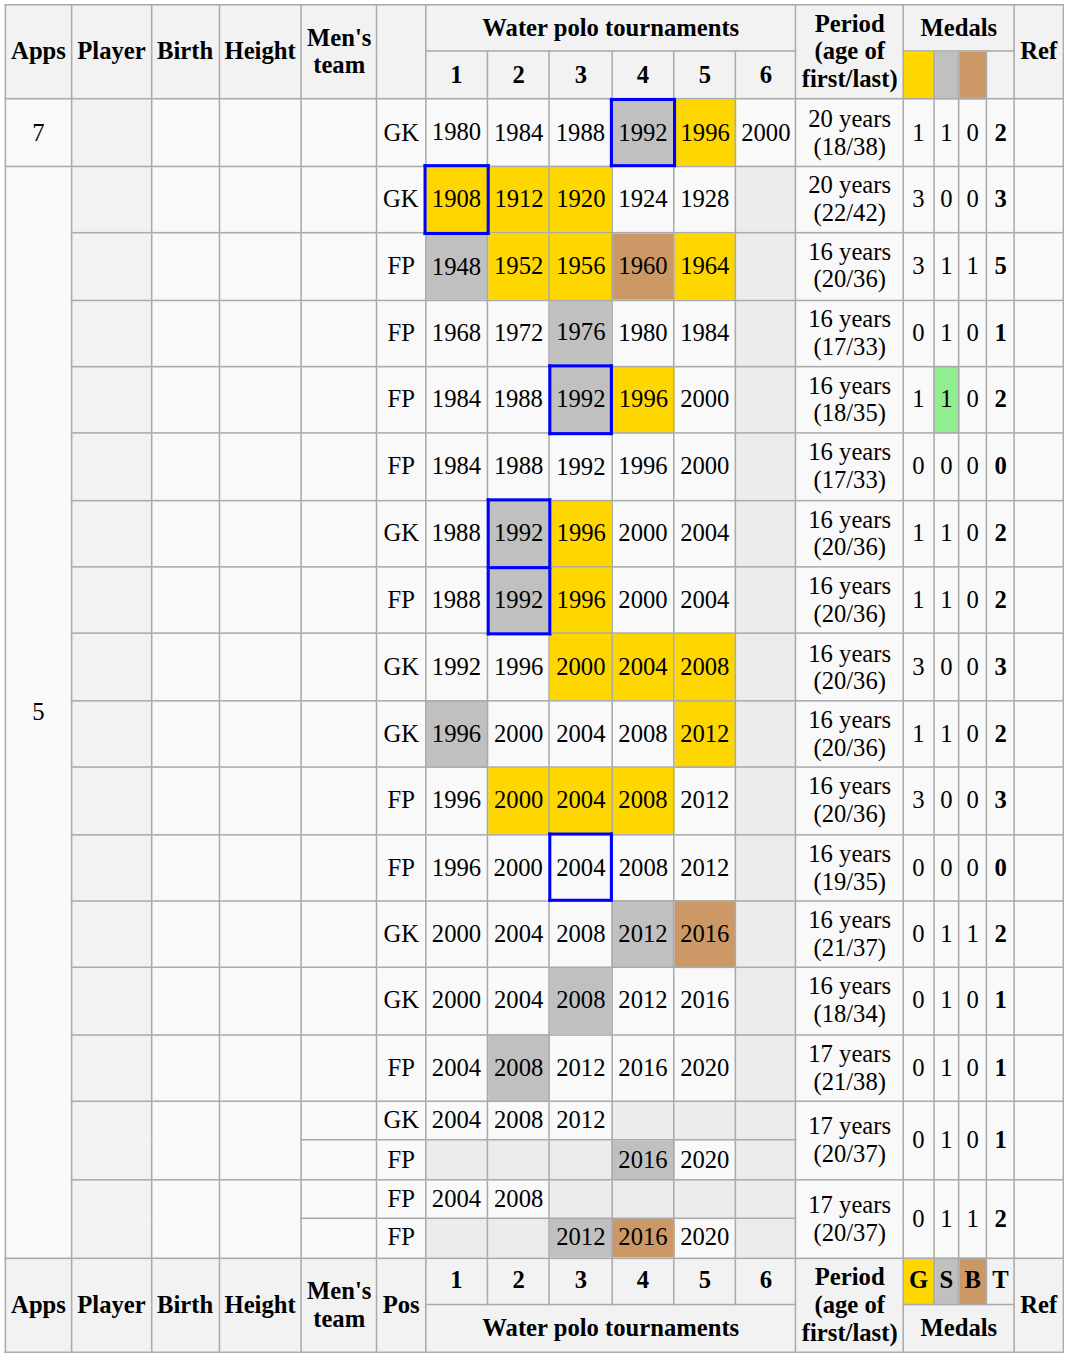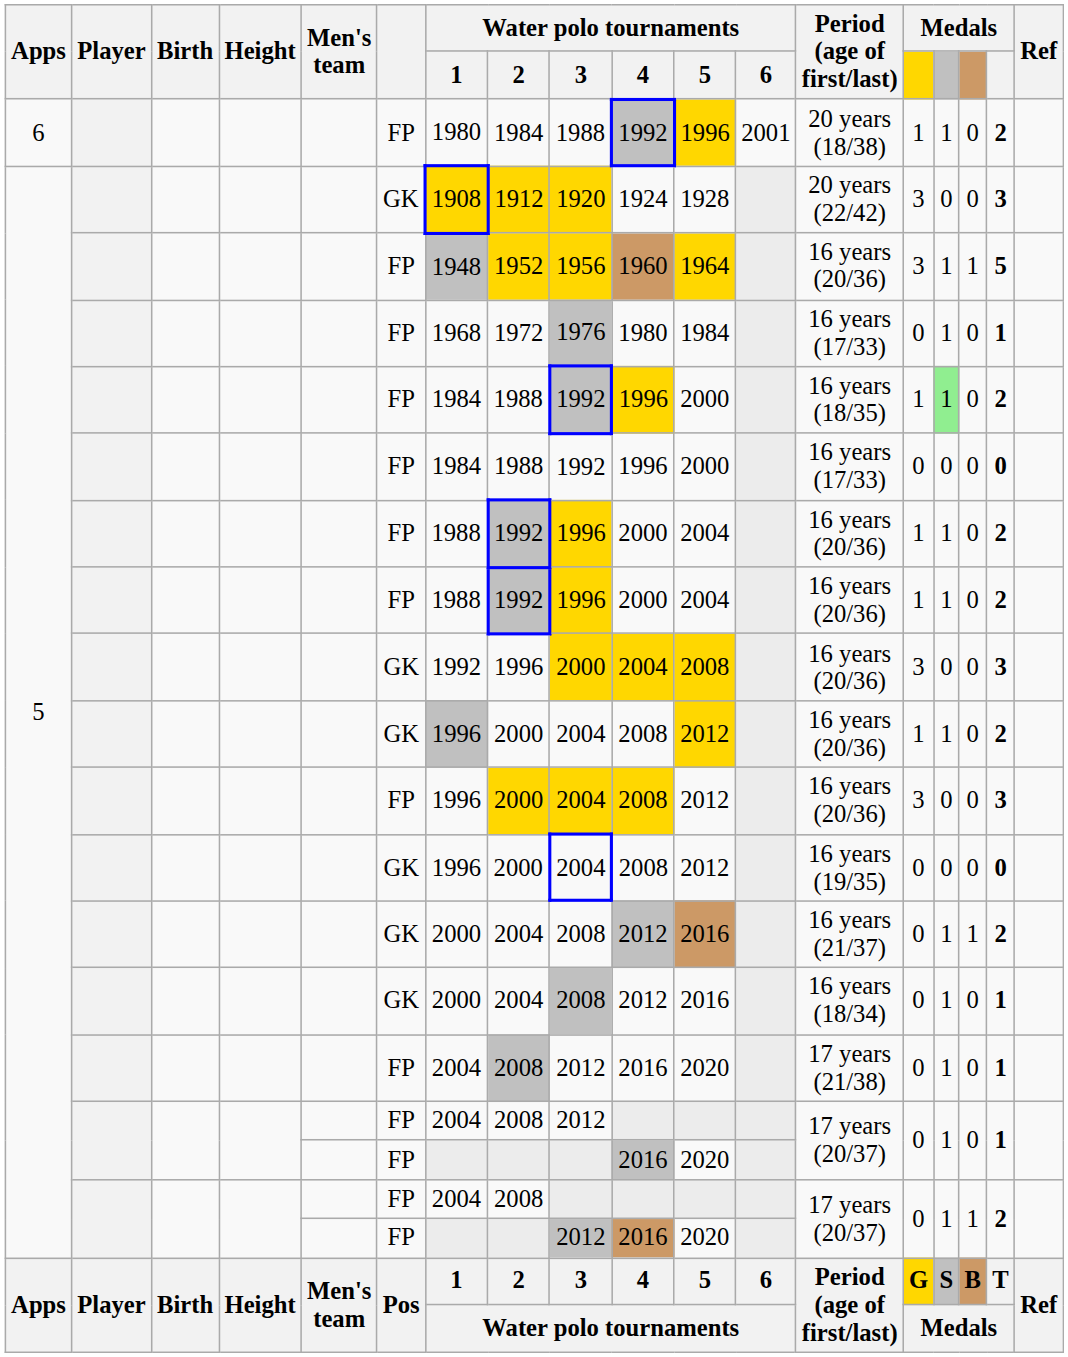 <table class="wikitable sortable plainrowheaders sticky-table-head" style="text-align: center; font-size: 100%; margin-left: 1em; width: 100%;">
 <tr>
 <th scope="col" rowspan="2">Apps</th>
 <th scope="col" rowspan="2">Player</th>
 <th scope="col" rowspan="2">Birth</th>
 <th scope="col" rowspan="2">Height</th>
 <th scope="col" rowspan="2">Men's team</th>
 <th scope="col" rowspan="2"></th>
 <th scope="colgroup" colspan="6">Water polo tournaments</th>
 <th scope="col" rowspan="2">Period<br>(age of<br>first/last)</th>
 <th scope="colgroup" colspan="4">Medals</th>
 <th scope="col" rowspan="2" class="unsortable">Ref</th>
 </tr>
 <tr>
 <th scope="col">1</th>
 <th scope="col" class="unsortable">2</th>
 <th scope="col" class="unsortable">3</th>
 <th scope="col" class="unsortable">4</th>
 <th scope="col" class="unsortable">5</th>
 <th scope="col" class="unsortable">6</th>
 <th scope="col" style="background-color: gold;"></th>
 <th scope="col" style="background-color: silver;"></th>
 <th scope="col" style="background-color: #cc9966;"></th>
 <th></th>
 </tr>
 <tr>
-<td>7</td>
+<td>6</td>
 <th scope="row"></th>
 <td></td>
 <td></td>
 <td style="text-align: left;"></td>
-<td>GK</td>
+<td>FP</td>
 <td>1980</td>
 <td>1984</td>
 <td>1988</td>
 <td style="border: 2px solid blue; background-color: silver;">1992</td>
 <td style="background-color: gold;">1996</td>
-<td>2000</td>
+<td>2001</td>
 <td>20 years<br>(18/38)</td>
 <td>1</td>
 <td>1</td>
 <td>0</td>
 <td><strong>2</strong></td>
 <td></td>
 </tr>
 <tr>
 <td rowspan="18">5</td>
 <th scope="row"></th>
 <td></td>
 <td></td>
 <td style="text-align: left;"></td>
 <td>GK</td>
 <td style="border: 2px solid blue; background-color: gold;">1908</td>
 <td style="background-color: gold;">1912</td>
 <td style="background-color: gold;">1920</td>
 <td>1924</td>
 <td>1928</td>
 <td style="background-color: #ececec;"></td>
 <td>20 years<br>(22/42)</td>
 <td>3</td>
 <td>0</td>
 <td>0</td>
 <td><strong>3</strong></td>
 <td></td>
 </tr>
 <tr>
 <th scope="row"></th>
 <td></td>
 <td></td>
 <td style="text-align: left;"></td>
 <td>FP</td>
 <td style="background-color: silver;">1948</td>
 <td style="background-color: gold;">1952</td>
 <td style="background-color: gold;">1956</td>
 <td style="background-color: #cc9966;">1960</td>
 <td style="background-color: gold;">1964</td>
 <td style="background-color: #ececec;"></td>
 <td>16 years<br>(20/36)</td>
 <td>3</td>
 <td>1</td>
 <td>1</td>
 <td><strong>5</strong></td>
 <td></td>
 </tr>
 <tr>
 <th scope="row"></th>
 <td></td>
 <td></td>
 <td style="text-align: left;"></td>
 <td>FP</td>
 <td>1968</td>
 <td>1972</td>
 <td style="background-color: silver;">1976</td>
 <td>1980</td>
 <td>1984</td>
 <td style="background-color: #ececec;"></td>
 <td>16 years<br>(17/33)</td>
 <td>0</td>
 <td>1</td>
 <td>0</td>
 <td><strong>1</strong></td>
 <td></td>
 </tr>
 <tr>
 <th scope="row"></th>
 <td></td>
 <td></td>
 <td style="text-align: left;"></td>
 <td>FP</td>
 <td>1984</td>
 <td>1988</td>
 <td style="border: 2px solid blue; background-color: silver;">1992</td>
 <td style="background-color: gold;">1996</td>
 <td>2000</td>
 <td style="background-color: #ececec;"></td>
 <td>16 years<br>(18/35)</td>
 <td>1</td>
 <td style="background: lightgreen;">1</td>
 <td>0</td>
 <td><strong>2</strong></td>
 <td></td>
 </tr>
 <tr>
 <th scope="row"></th>
 <td></td>
 <td></td>
 <td style="text-align: left;"></td>
 <td>FP</td>
 <td>1984</td>
 <td>1988</td>
 <td>1992</td>
 <td>1996</td>
 <td>2000</td>
 <td style="background-color: #ececec;"></td>
 <td>16 years<br>(17/33)</td>
 <td>0</td>
 <td>0</td>
 <td>0</td>
 <td><strong>0</strong></td>
 <td></td>
 </tr>
 <tr>
 <th scope="row"></th>
 <td></td>
 <td></td>
 <td style="text-align: left;"></td>
-<td>GK</td>
+<td>FP</td>
 <td>1988</td>
 <td style="border: 2px solid blue; background-color: silver;">1992</td>
 <td style="background-color: gold;">1996</td>
 <td>2000</td>
 <td>2004</td>
 <td style="background-color: #ececec;"></td>
 <td>16 years<br>(20/36)</td>
 <td>1</td>
 <td>1</td>
 <td>0</td>
 <td><strong>2</strong></td>
 <td></td>
 </tr>
 <tr>
 <th scope="row"></th>
 <td></td>
 <td></td>
 <td style="text-align: left;"></td>
 <td>FP</td>
 <td>1988</td>
 <td style="border: 2px solid blue; background-color: silver;">1992</td>
 <td style="background-color: gold;">1996</td>
 <td>2000</td>
 <td>2004</td>
 <td style="background-color: #ececec;"></td>
 <td>16 years<br>(20/36)</td>
 <td>1</td>
 <td>1</td>
 <td>0</td>
 <td><strong>2</strong></td>
 <td></td>
 </tr>
 <tr>
 <th scope="row"></th>
 <td></td>
 <td></td>
 <td style="text-align: left;"></td>
 <td>GK</td>
 <td>1992</td>
 <td>1996</td>
 <td style="background-color: gold;">2000</td>
 <td style="background-color: gold;">2004</td>
 <td style="background-color: gold;">2008</td>
 <td style="background-color: #ececec;"></td>
 <td>16 years<br>(20/36)</td>
 <td>3</td>
 <td>0</td>
 <td>0</td>
 <td><strong>3</strong></td>
 <td></td>
 </tr>
 <tr>
 <th scope="row"></th>
 <td></td>
 <td></td>
 <td style="text-align: left;"></td>
 <td>GK</td>
 <td style="background-color: silver;">1996</td>
 <td>2000</td>
 <td>2004</td>
 <td>2008</td>
 <td style="background-color: gold;">2012</td>
 <td style="background-color: #ececec;"></td>
 <td>16 years<br>(20/36)</td>
 <td>1</td>
 <td>1</td>
 <td>0</td>
 <td><strong>2</strong></td>
 <td></td>
 </tr>
 <tr>
 <th scope="row"></th>
 <td></td>
 <td></td>
 <td style="text-align: left;"></td>
 <td>FP</td>
 <td>1996</td>
 <td style="background-color: gold;">2000</td>
 <td style="background-color: gold;">2004</td>
 <td style="background-color: gold;">2008</td>
 <td>2012</td>
 <td style="background-color: #ececec;"></td>
 <td>16 years<br>(20/36)</td>
 <td>3</td>
 <td>0</td>
 <td>0</td>
 <td><strong>3</strong></td>
 <td></td>
 </tr>
 <tr>
 <th scope="row"></th>
 <td></td>
 <td></td>
 <td style="text-align: left;"></td>
-<td>FP</td>
+<td>GK</td>
 <td>1996</td>
 <td>2000</td>
 <td style="border: 2px solid blue;">2004</td>
 <td>2008</td>
 <td>2012</td>
 <td style="background-color: #ececec;"></td>
 <td>16 years<br>(19/35)</td>
 <td>0</td>
 <td>0</td>
 <td>0</td>
 <td><strong>0</strong></td>
 <td></td>
 </tr>
 <tr>
 <th scope="row"></th>
 <td></td>
 <td></td>
 <td style="text-align: left;"></td>
 <td>GK</td>
 <td>2000</td>
 <td>2004</td>
 <td>2008</td>
 <td style="background-color: silver;">2012</td>
 <td style="background-color: #cc9966;">2016</td>
 <td style="background-color: #ececec;"></td>
 <td>16 years<br>(21/37)</td>
 <td>0</td>
 <td>1</td>
 <td>1</td>
 <td><strong>2</strong></td>
 <td></td>
 </tr>
 <tr>
 <th scope="row"></th>
 <td></td>
 <td></td>
 <td style="text-align: left;"></td>
 <td>GK</td>
 <td>2000</td>
 <td>2004</td>
 <td style="background-color: silver;">2008</td>
 <td>2012</td>
 <td>2016</td>
 <td style="background-color: #ececec;"></td>
 <td>16 years<br>(18/34)</td>
 <td>0</td>
 <td>1</td>
 <td>0</td>
 <td><strong>1</strong></td>
 <td></td>
 </tr>
 <tr>
 <th scope="row"></th>
 <td></td>
 <td></td>
 <td style="text-align: left;"></td>
 <td>FP</td>
 <td>2004</td>
 <td style="background-color: silver;">2008</td>
 <td>2012</td>
 <td>2016</td>
 <td>2020</td>
 <td style="background-color: #ececec;"></td>
 <td>17 years<br>(21/38)</td>
 <td>0</td>
 <td>1</td>
 <td>0</td>
 <td><strong>1</strong></td>
 <td></td>
 </tr>
 <tr>
 <th scope="rowgroup" rowspan="2"></th>
 <td rowspan="2"></td>
 <td rowspan="2"></td>
 <td style="text-align: left;"></td>
-<td>GK</td>
+<td>FP</td>
 <td>2004</td>
 <td>2008</td>
 <td>2012</td>
 <td style="background-color: #ececec;"></td>
 <td style="background-color: #ececec;"></td>
 <td style="background-color: #ececec;"></td>
 <td rowspan="2">17 years<br>(20/37)</td>
 <td rowspan="2">0</td>
 <td rowspan="2">1</td>
 <td rowspan="2">0</td>
 <td rowspan="2"><strong>1</strong></td>
 <td rowspan="2"></td>
 </tr>
 <tr>
 <td style="text-align: left;"></td>
 <td>FP</td>
 <td style="background-color: #ececec;"></td>
 <td style="background-color: #ececec;"></td>
 <td style="background-color: #ececec;"></td>
 <td style="background-color: silver;">2016</td>
 <td>2020</td>
 <td style="background-color: #ececec;"></td>
 </tr>
 <tr>
 <th scope="rowgroup" rowspan="2"></th>
 <td rowspan="2"></td>
 <td rowspan="2"></td>
 <td style="text-align: left;"></td>
 <td>FP</td>
 <td>2004</td>
 <td>2008</td>
 <td style="background-color: #ececec;"></td>
 <td style="background-color: #ececec;"></td>
 <td style="background-color: #ececec;"></td>
 <td style="background-color: #ececec;"></td>
 <td rowspan="2">17 years<br>(20/37)</td>
 <td rowspan="2">0</td>
 <td rowspan="2">1</td>
 <td rowspan="2">1</td>
 <td rowspan="2"><strong>2</strong></td>
 <td rowspan="2"></td>
 </tr>
 <tr>
 <td style="text-align: left;"></td>
 <td>FP</td>
 <td style="background-color: #ececec;"></td>
 <td style="background-color: #ececec;"></td>
 <td style="background-color: silver;">2012</td>
 <td style="background-color: #cc9966;">2016</td>
 <td>2020</td>
 <td style="background-color: #ececec;"></td>
 </tr>
 <tr>
 <th rowspan="2">Apps</th>
 <th rowspan="2">Player</th>
 <th rowspan="2">Birth</th>
 <th rowspan="2">Height</th>
 <th rowspan="2">Men's team</th>
 <th rowspan="2">Pos</th>
 <th>1</th>
 <th>2</th>
 <th>3</th>
 <th>4</th>
 <th>5</th>
 <th>6</th>
 <th rowspan="2">Period<br>(age of<br>first/last)</th>
 <th style="background-color: gold;">G</th>
 <th style="background-color: silver;">S</th>
 <th style="background-color: #cc9966;">B</th>
 <th>T</th>
 <th rowspan="2">Ref</th>
 </tr>
 <tr>
 <th colspan="6">Water polo tournaments</th>
 <th colspan="4">Medals</th>
 </tr>
 </table>
